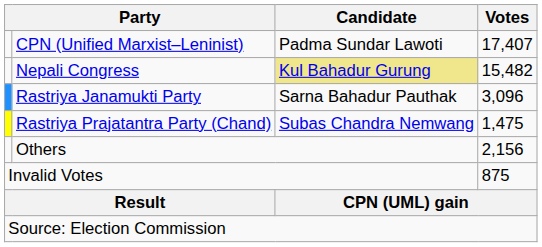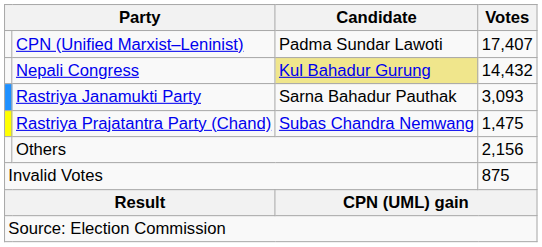 <table class="wikitable">
 <tr>
 <th colspan="2">Party</th>
 <th>Candidate</th>
 <th>Votes</th>
 </tr>
 <tr>
 <td style="background-color:"></td>
 <td><a href='#'>CPN (Unified Marxist–Leninist)</a></td>
 <td>Padma Sundar Lawoti</td>
 <td>17,407</td>
 </tr>
 <tr>
 <td style="background-color:"></td>
 <td><a href='#'>Nepali Congress</a></td>
 <td style="background: khaki;"><a href='#'>Kul Bahadur Gurung</a></td>
-<td>15,482</td>
+<td>14,432</td>
 </tr>
 <tr>
 <td style="background-color:dodgerblue"></td>
 <td><a href='#'>Rastriya Janamukti Party</a></td>
 <td>Sarna Bahadur Pauthak</td>
-<td>3,096</td>
+<td>3,093</td>
 </tr>
 <tr>
 <td style="background-color:yellow"></td>
 <td><a href='#'>Rastriya Prajatantra Party (Chand)</a></td>
 <td><a href='#'>Subas Chandra Nemwang</a></td>
 <td>1,475</td>
 </tr>
 <tr>
 <td></td>
 <td colspan="2">Others</td>
 <td>2,156</td>
 </tr>
 <tr>
 <td colspan="3">Invalid Votes</td>
 <td>875</td>
 </tr>
 <tr>
 <th colspan="2">Result</th>
 <th colspan="2">CPN (UML) gain</th>
 </tr>
 <tr>
 <td colspan="4">Source: Election Commission</td>
 </tr>
 </table>
